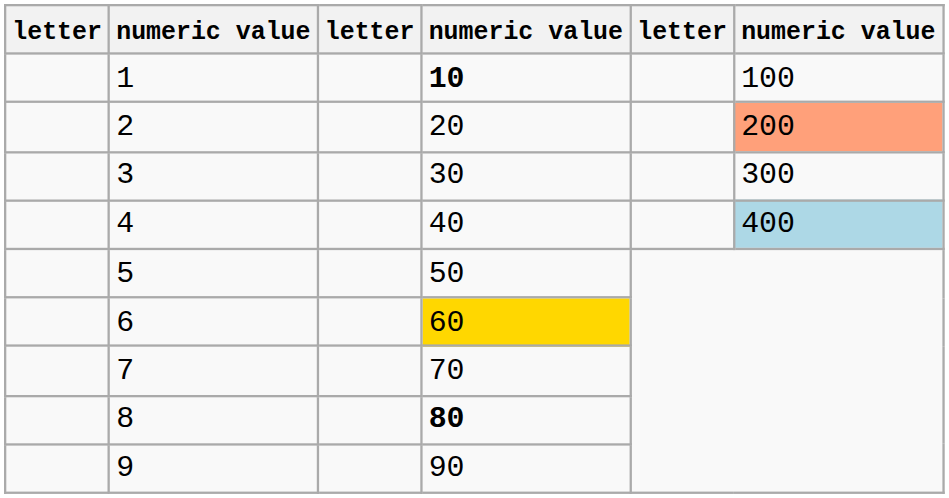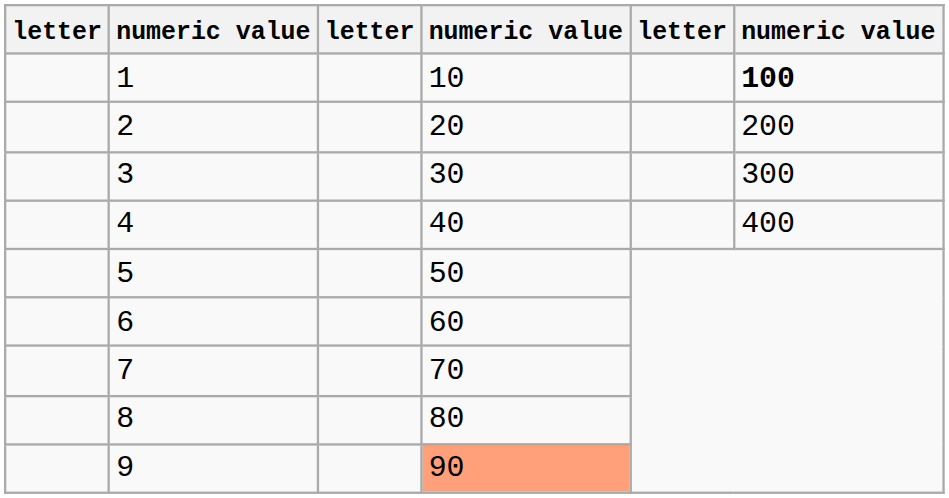 <table class=wikitable>
 <tr>
 <th><small>letter</small></th>
 <th><small>numeric value</small></th>
 <th><small>letter</small></th>
 <th><small>numeric value</small></th>
 <th><small>letter</small></th>
 <th><small>numeric value</small></th>
 </tr>
 <tr>
 <td><big></big></td>
 <td>1</td>
 <td><big></big></td>
-<td><strong>10</strong></td>
+<td>10</td>
 <td><big></big></td>
-<td>100</td>
+<td><strong>100</strong></td>
 </tr>
 <tr>
 <td><big></big></td>
 <td>2</td>
 <td><big></big></td>
 <td>20</td>
 <td><big></big></td>
-<td style="background: lightsalmon;">200</td>
+<td>200</td>
 </tr>
 <tr>
 <td><big></big></td>
 <td>3</td>
 <td><big></big></td>
 <td>30</td>
 <td><big></big></td>
 <td>300</td>
 </tr>
 <tr>
 <td><big></big></td>
 <td>4</td>
 <td><big></big></td>
 <td>40</td>
 <td><big></big></td>
-<td style="background: lightblue;">400</td>
+<td>400</td>
 </tr>
 <tr>
 <td><big></big></td>
 <td>5</td>
 <td><big></big></td>
 <td>50</td>
 </tr>
 <tr>
 <td><big></big></td>
 <td>6</td>
 <td><big></big></td>
-<td style="background: gold;">60</td>
+<td>60</td>
 </tr>
 <tr>
 <td><big></big></td>
 <td>7</td>
 <td><big></big></td>
 <td>70</td>
 </tr>
 <tr>
 <td><big></big></td>
 <td>8</td>
 <td><big></big></td>
-<td><strong>80</strong></td>
+<td>80</td>
 </tr>
 <tr>
 <td><big></big></td>
 <td>9</td>
 <td><big></big></td>
-<td>90</td>
+<td style="background: lightsalmon;">90</td>
 </tr>
 </table>
